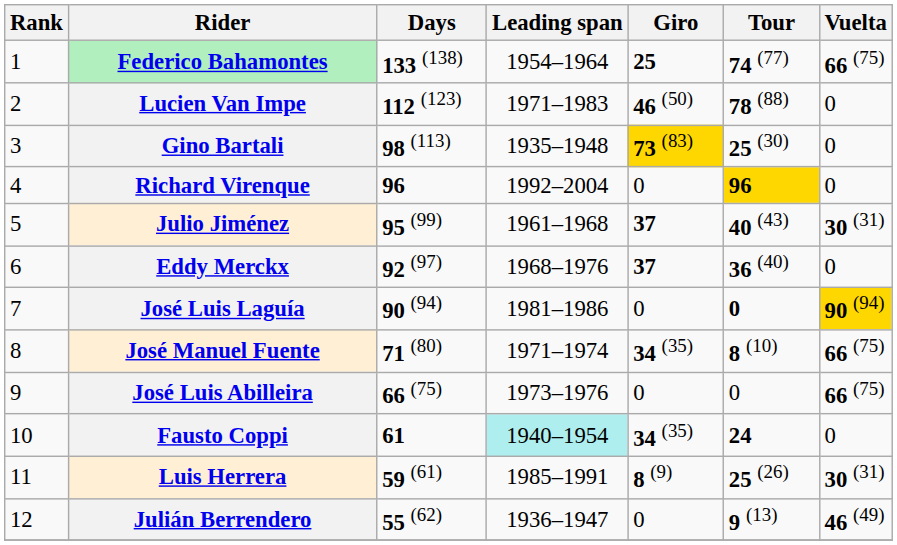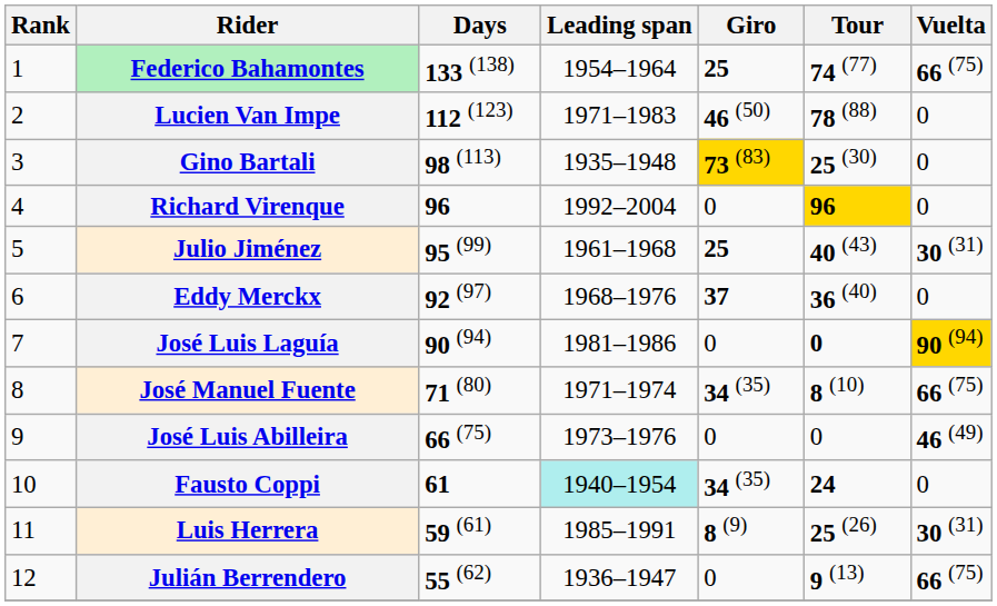 <table class="sortable plainrowheaders wikitable">
 <tr>
 <th scope=col>Rank</th>
 <th scope=col>Rider</th>
 <th scope=col>Days</th>
 <th scope=col>Leading span</th>
 <th scope=col>Giro</th>
 <th scope=col>Tour</th>
 <th scope=col>Vuelta</th>
 </tr>
 <tr>
 <td>1</td>
 <th scope=row align=left width="210px" style="background: #b1f0be"> <a href='#'>Federico Bahamontes</a></th>
 <td width="70px"><strong>133</strong> <sup>(138)</sup></td>
 <td align="center">1954–1964</td>
 <td><strong>25</strong></td>
 <td width="60px"><strong>74</strong> <sup>(77)</sup></td>
 <td><strong>66</strong> <sup>(75)</sup></td>
 </tr>
 <tr>
 <td>2</td>
 <th scope=row align=left> <a href='#'>Lucien Van Impe</a></th>
 <td><strong>112</strong> <sup>(123)</sup></td>
 <td align="center">1971–1983</td>
 <td><strong>46</strong> <sup>(50)</sup></td>
 <td><strong>78</strong> <sup>(88)</sup></td>
 <td>0</td>
 </tr>
 <tr>
 <td>3</td>
 <th scope=row align=left> <a href='#'>Gino Bartali</a></th>
 <td><strong>98</strong> <sup>(113)</sup></td>
 <td align="center">1935–1948</td>
 <td bgcolor="gold"><strong>73</strong> <sup>(83)</sup></td>
 <td><strong>25</strong> <sup>(30)</sup></td>
 <td>0</td>
 </tr>
 <tr>
 <td>4</td>
 <th scope=row align=left> <a href='#'>Richard Virenque</a></th>
 <td><strong>96</strong></td>
 <td align="center">1992–2004</td>
 <td>0</td>
 <td bgcolor="gold"><strong>96</strong></td>
 <td>0</td>
 </tr>
 <tr>
 <td>5</td>
 <th scope=row align=left style="background: #ffefd5"> <a href='#'>Julio Jiménez</a></th>
 <td><strong>95</strong> <sup>(99)</sup></td>
 <td align="center">1961–1968</td>
-<td><strong>37</strong></td>
+<td><strong>25</strong></td>
 <td><strong>40</strong> <sup>(43)</sup></td>
 <td><strong>30</strong> <sup>(31)</sup></td>
 </tr>
 <tr>
 <td>6</td>
 <th scope=row align=left> <a href='#'>Eddy Merckx</a></th>
 <td><strong>92</strong> <sup>(97)</sup></td>
 <td align="center">1968–1976</td>
 <td><strong>37</strong></td>
 <td><strong>36</strong> <sup>(40)</sup></td>
 <td>0</td>
 </tr>
 <tr>
 <td>7</td>
 <th scope=row align=left> <a href='#'>José Luis Laguía</a></th>
 <td><strong>90</strong> <sup>(94)</sup></td>
 <td align="center">1981–1986</td>
 <td>0</td>
 <td><strong>0</strong></td>
 <td bgcolor="gold"><strong>90</strong> <sup>(94)</sup></td>
 </tr>
 <tr>
 <td>8</td>
 <th scope=row align=left style="background: #ffefd5"> <a href='#'>José Manuel Fuente</a></th>
 <td><strong>71</strong> <sup>(80)</sup></td>
 <td align="center">1971–1974</td>
 <td><strong>34</strong> <sup>(35)</sup></td>
 <td><strong>8</strong> <sup>(10)</sup></td>
 <td><strong>66</strong> <sup>(75)</sup></td>
 </tr>
 <tr>
 <td>9</td>
 <th scope=row align=left> <a href='#'>José Luis Abilleira</a></th>
 <td><strong>66</strong> <sup>(75)</sup></td>
 <td align="center">1973–1976</td>
 <td>0</td>
 <td>0</td>
-<td><strong>66</strong> <sup>(75)</sup></td>
+<td><strong>46</strong> <sup>(49)</sup></td>
 </tr>
 <tr>
 <td>10</td>
 <th scope=row align=left> <a href='#'>Fausto Coppi</a></th>
 <td><strong>61</strong></td>
 <td align="center" style="background: paleturquoise;">1940–1954</td>
 <td width="60px"><strong>34</strong> <sup>(35)</sup></td>
 <td><strong>24</strong></td>
 <td>0</td>
 </tr>
 <tr>
 <td>11</td>
 <th scope=row align=left style="background: #ffefd5"> <a href='#'>Luis Herrera</a></th>
 <td><strong>59</strong> <sup>(61)</sup></td>
 <td align="center">1985–1991</td>
 <td><strong>8</strong> <sup>(9)</sup></td>
 <td><strong>25</strong> <sup>(26)</sup></td>
 <td><strong>30</strong> <sup>(31)</sup></td>
 </tr>
 <tr>
 <td>12</td>
 <th scope=row align=left> <a href='#'>Julián Berrendero</a></th>
 <td><strong>55</strong> <sup>(62)</sup></td>
 <td align="center">1936–1947</td>
 <td>0</td>
 <td><strong>9</strong> <sup>(13)</sup></td>
-<td><strong>46</strong> <sup>(49)</sup></td>
+<td><strong>66</strong> <sup>(75)</sup></td>
 </tr>
 <tr>
 </tr>
 </table>
